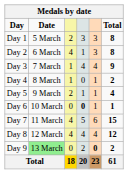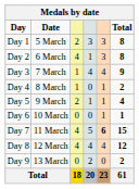 <table class="wikitable" style="font-size:85%; float:right">
 <tr style="background:#efefef;">
 <th colspan=6>Medals by date</th>
 </tr>
 <tr align=center>
 <td><strong>Day</strong></td>
 <td><strong>Date</strong></td>
 <td style="background:#f7f6a8;"></td>
 <td style="background:#dce5e5;"></td>
 <td style="background:#ffdab9;"></td>
 <td><strong>Total</strong></td>
 </tr>
 <tr align=center>
 <td>Day 1</td>
 <td>5 March</td>
 <td style="background:#f7f6a8;">2</td>
 <td style="background:#dce5e5;">3</td>
 <td style="background:#ffdab9;">3</td>
 <td><strong>8</strong></td>
 </tr>
 <tr align=center>
 <td>Day 2</td>
 <td>6 March</td>
 <td style="background:#f7f6a8;">4</td>
 <td style="background:#dce5e5;">1</td>
 <td style="background:#ffdab9;">3</td>
 <td><strong>8</strong></td>
 </tr>
 <tr align=center>
 <td>Day 3</td>
 <td>7 March</td>
 <td style="background:#f7f6a8;">1</td>
 <td style="background:#dce5e5;">4</td>
 <td style="background:#ffdab9;">4</td>
 <td><strong>9</strong></td>
 </tr>
 <tr align=center>
 <td>Day 4</td>
 <td>8 March</td>
 <td style="background:#f7f6a8;">1</td>
 <td style="background:#dce5e5;">0</td>
 <td style="background:#ffdab9;">1</td>
 <td><strong>2</strong></td>
 </tr>
 <tr align=center>
 <td>Day 5</td>
 <td>9 March</td>
 <td style="background:#f7f6a8;">2</td>
 <td style="background:#dce5e5;">1</td>
 <td style="background:#ffdab9;">1</td>
 <td><strong>4</strong></td>
 </tr>
 <tr align=center>
 <td>Day 6</td>
 <td>10 March</td>
 <td style="background:#f7f6a8;">0</td>
-<td style="background:#dce5e5;"><strong>0</strong></td>
+<td style="background:#dce5e5;">0</td>
 <td style="background:#ffdab9;">1</td>
 <td><strong>1</strong></td>
 </tr>
 <tr align=center>
 <td>Day 7</td>
 <td>11 March</td>
 <td style="background:#f7f6a8;">4</td>
 <td style="background:#dce5e5;">5</td>
-<td style="background:#ffdab9;">6</td>
+<td style="background:#ffdab9;"><strong>6</strong></td>
 <td><strong>15</strong></td>
 </tr>
 <tr align=center>
 <td>Day 8</td>
 <td>12 March</td>
 <td style="background:#f7f6a8;">4</td>
 <td style="background:#dce5e5;">4</td>
 <td style="background:#ffdab9;">4</td>
 <td><strong>12</strong></td>
 </tr>
 <tr align=center>
 <td>Day 9</td>
-<td style="background: lightgreen;">13 March</td>
+<td>13 March</td>
 <td style="background:#f7f6a8;">0</td>
 <td style="background:#dce5e5;">2</td>
-<td style="background:#ffdab9;"><strong>0</strong></td>
+<td style="background:#ffdab9;">0</td>
 <td><strong>2</strong></td>
 </tr>
 <tr align=center>
 <th colspan=2>Total</th>
 <th style="background:gold;">18</th>
 <th style="background:silver;">20</th>
 <th style="background:#c96;">23</th>
 <th>61</th>
 </tr>
 </table>
